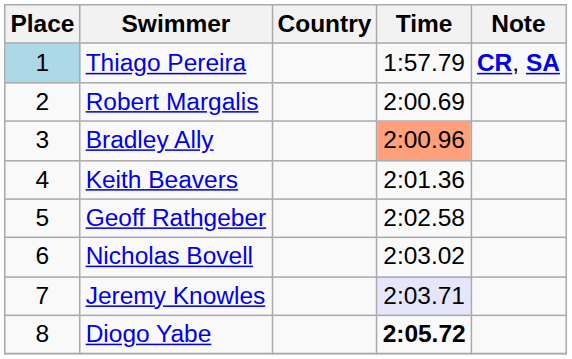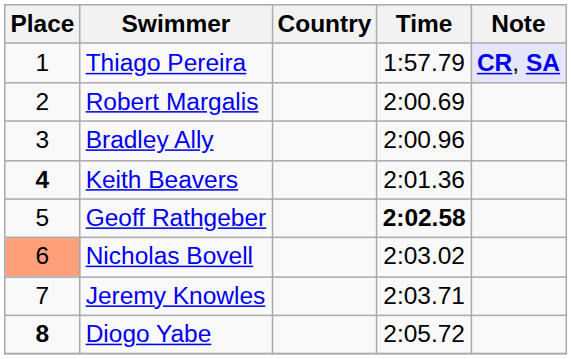 <table class="wikitable" style="text-align:center">
 <tr>
 <th>Place</th>
 <th>Swimmer</th>
 <th>Country</th>
 <th>Time</th>
 <th>Note</th>
 </tr>
 <tr>
-<td style="background: lightblue;">1</td>
+<td>1</td>
 <td align=left><a href='#'>Thiago Pereira</a></td>
 <td align=left></td>
 <td>1:57.79</td>
-<td><strong><a href='#'>CR</a></strong>, <strong><a href='#'>SA</a></strong></td>
+<td style="background: lavender;"><strong><a href='#'>CR</a></strong>, <strong><a href='#'>SA</a></strong></td>
 </tr>
 <tr>
 <td>2</td>
 <td align=left><a href='#'>Robert Margalis</a></td>
 <td align=left></td>
 <td>2:00.69</td>
 <td></td>
 </tr>
 <tr>
 <td>3</td>
 <td align=left><a href='#'>Bradley Ally</a></td>
 <td align=left></td>
-<td style="background: lightsalmon;">2:00.96</td>
+<td>2:00.96</td>
 <td></td>
 </tr>
 <tr>
-<td>4</td>
+<td><strong>4</strong></td>
 <td align=left><a href='#'>Keith Beavers</a></td>
 <td align=left></td>
 <td>2:01.36</td>
 <td></td>
 </tr>
 <tr>
 <td>5</td>
 <td align=left><a href='#'>Geoff Rathgeber</a></td>
 <td align=left></td>
-<td>2:02.58</td>
+<td><strong>2:02.58</strong></td>
 <td></td>
 </tr>
 <tr>
-<td>6</td>
+<td style="background: lightsalmon;">6</td>
 <td align=left><a href='#'>Nicholas Bovell</a></td>
 <td align=left></td>
 <td>2:03.02</td>
 <td></td>
 </tr>
 <tr>
 <td>7</td>
 <td align=left><a href='#'>Jeremy Knowles</a></td>
 <td align=left></td>
-<td style="background: lavender;">2:03.71</td>
+<td>2:03.71</td>
 <td></td>
 </tr>
 <tr>
-<td>8</td>
+<td><strong>8</strong></td>
 <td align=left><a href='#'>Diogo Yabe</a></td>
 <td align=left></td>
-<td><strong>2:05.72</strong></td>
+<td>2:05.72</td>
 <td></td>
 </tr>
 <tr>
 </tr>
 </table>
